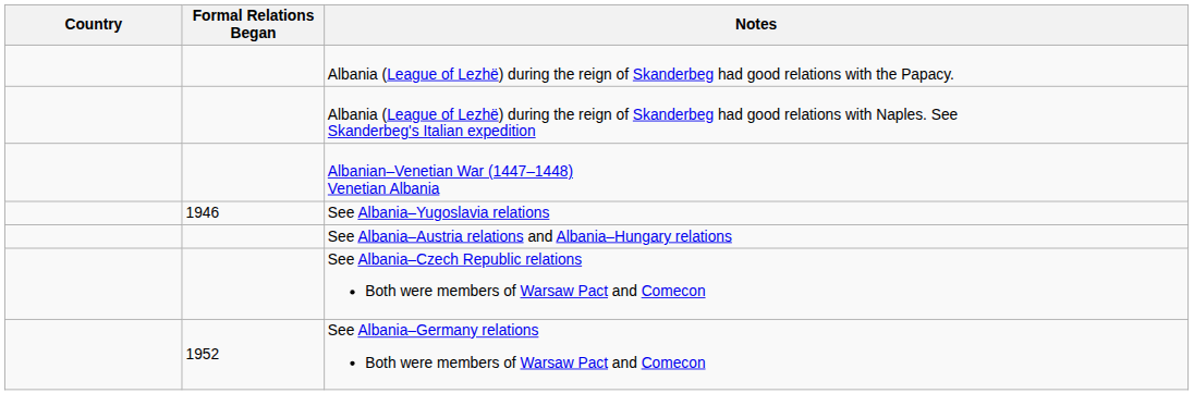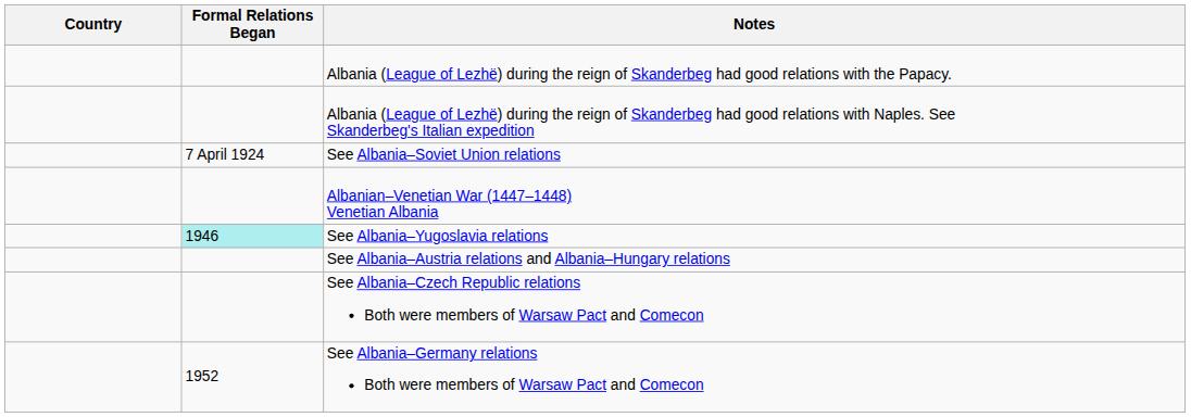 <table class="wikitable sortable" border="1" style="width:100%; margin:auto;">
 <tr>
 <th width="15%">Country</th>
 <th width="12%">Formal Relations Began</th>
 <th>Notes</th>
 </tr>
 <tr -valign="top">
 <td></td>
 <td></td>
 <td><br>Albania (<a href='#'>League of Lezhë</a>) during the reign of <a href='#'>Skanderbeg</a> had good relations with the Papacy.</td>
 </tr>
 <tr -valign="top">
 <td></td>
 <td></td>
 <td><br>Albania (<a href='#'>League of Lezhë</a>) during the reign of <a href='#'>Skanderbeg</a> had good relations with Naples.  See<br><a href='#'>Skanderbeg's Italian expedition</a></td>
 </tr>
 <tr -valign="top">
 <td></td>
+<td>7 April 1924</td>
+<td>See <a href='#'>Albania–Soviet Union relations</a></td>
+</tr>
+<tr -valign="top">
+<td></td>
 <td></td>
 <td><br><a href='#'>Albanian–Venetian War (1447–1448)</a><br><a href='#'>Venetian Albania</a></td>
 </tr>
 <tr -valign="top">
 <td></td>
-<td>1946</td>
+<td style="background: paleturquoise;">1946</td>
 <td>See <a href='#'>Albania–Yugoslavia relations</a></td>
 </tr>
 <tr>
 <td></td>
 <td></td>
 <td>See <a href='#'>Albania–Austria relations</a> and <a href='#'>Albania–Hungary relations</a></td>
 </tr>
 <tr>
 <td></td>
 <td></td>
 <td>See <a href='#'>Albania–Czech Republic relations</a><br><ul><li>Both were members of <a href='#'>Warsaw Pact</a> and <a href='#'>Comecon</a></li></ul></td>
 </tr>
 <tr>
 <td></td>
 <td>1952</td>
 <td>See <a href='#'>Albania–Germany relations</a><br><ul><li>Both were members of <a href='#'>Warsaw Pact</a> and <a href='#'>Comecon</a></li></ul></td>
 </tr>
 </table>
